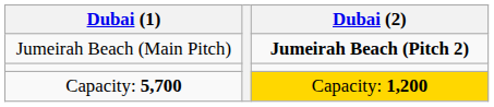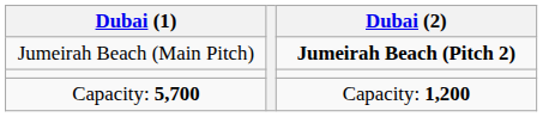 <table class="wikitable" style="text-align:center">
 <tr>
 <th width=200><a href='#'>Dubai</a> (1)<br></th>
 <th rowspan=5 colspan=3></th>
 <th width=200><a href='#'>Dubai</a> (2)<br></th>
 </tr>
 <tr>
 <td>Jumeirah Beach (Main Pitch)</td>
 <td><strong>Jumeirah Beach (Pitch 2)</strong></td>
 </tr>
 <tr>
 <td><small></small></td>
 <td><small></small></td>
 </tr>
 <tr>
 <td>Capacity: <strong>5,700</strong></td>
-<td style="background: gold;">Capacity: <strong>1,200</strong></td>
+<td>Capacity: <strong>1,200</strong></td>
 </tr>
 </table>
